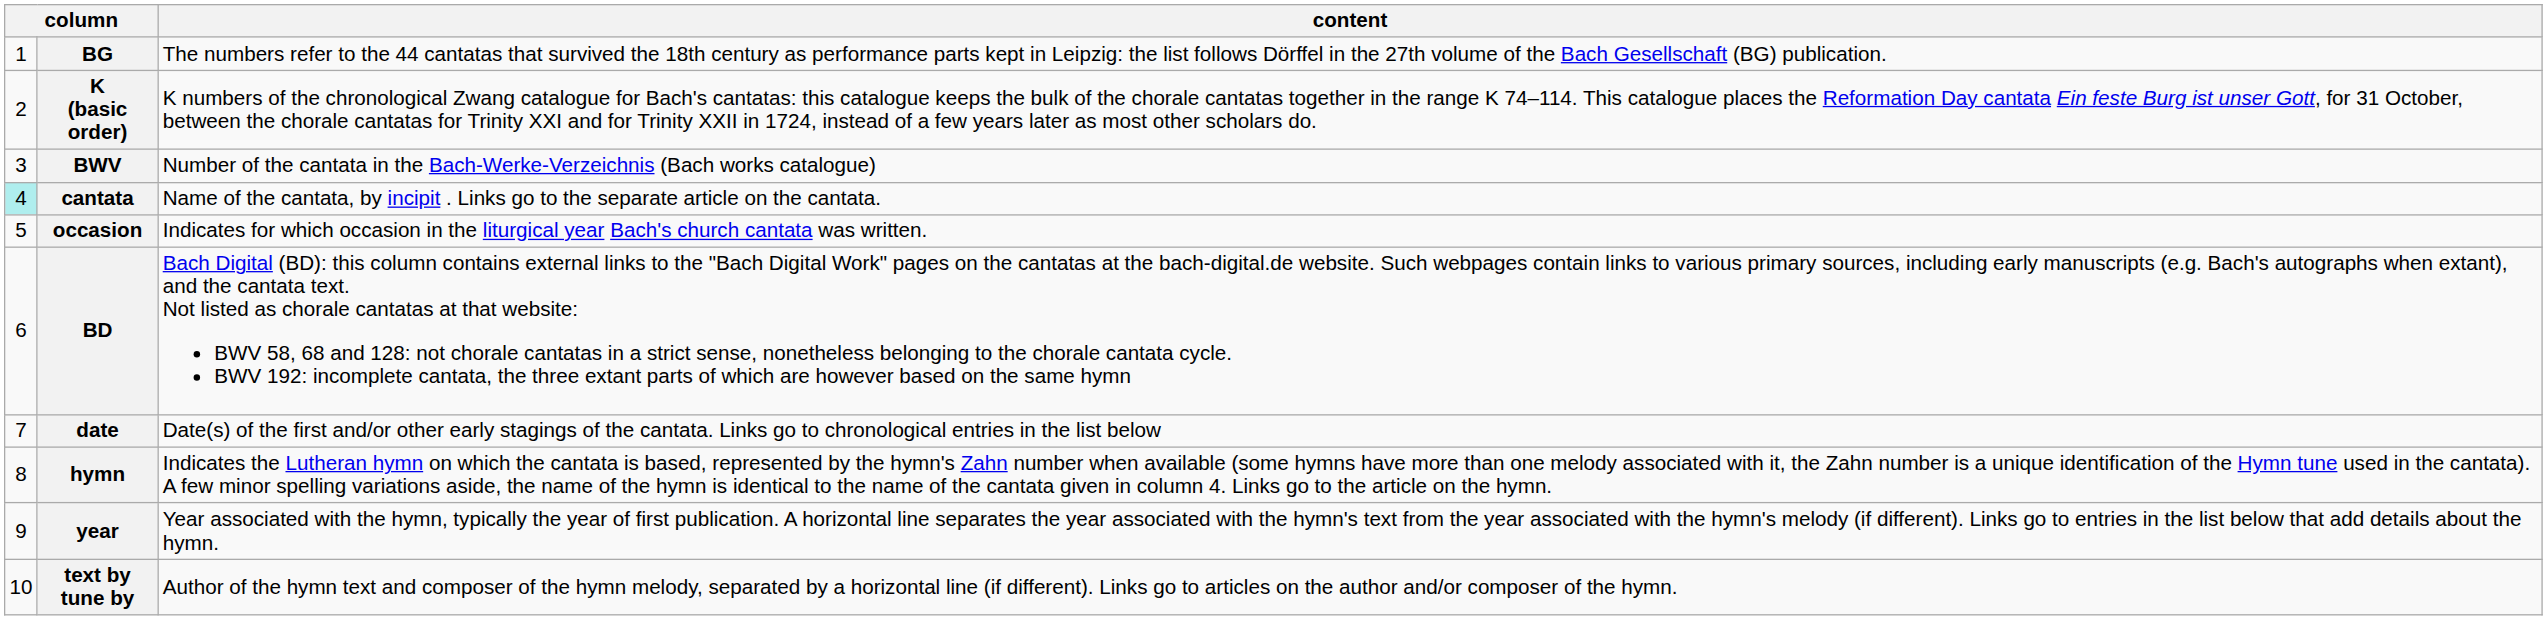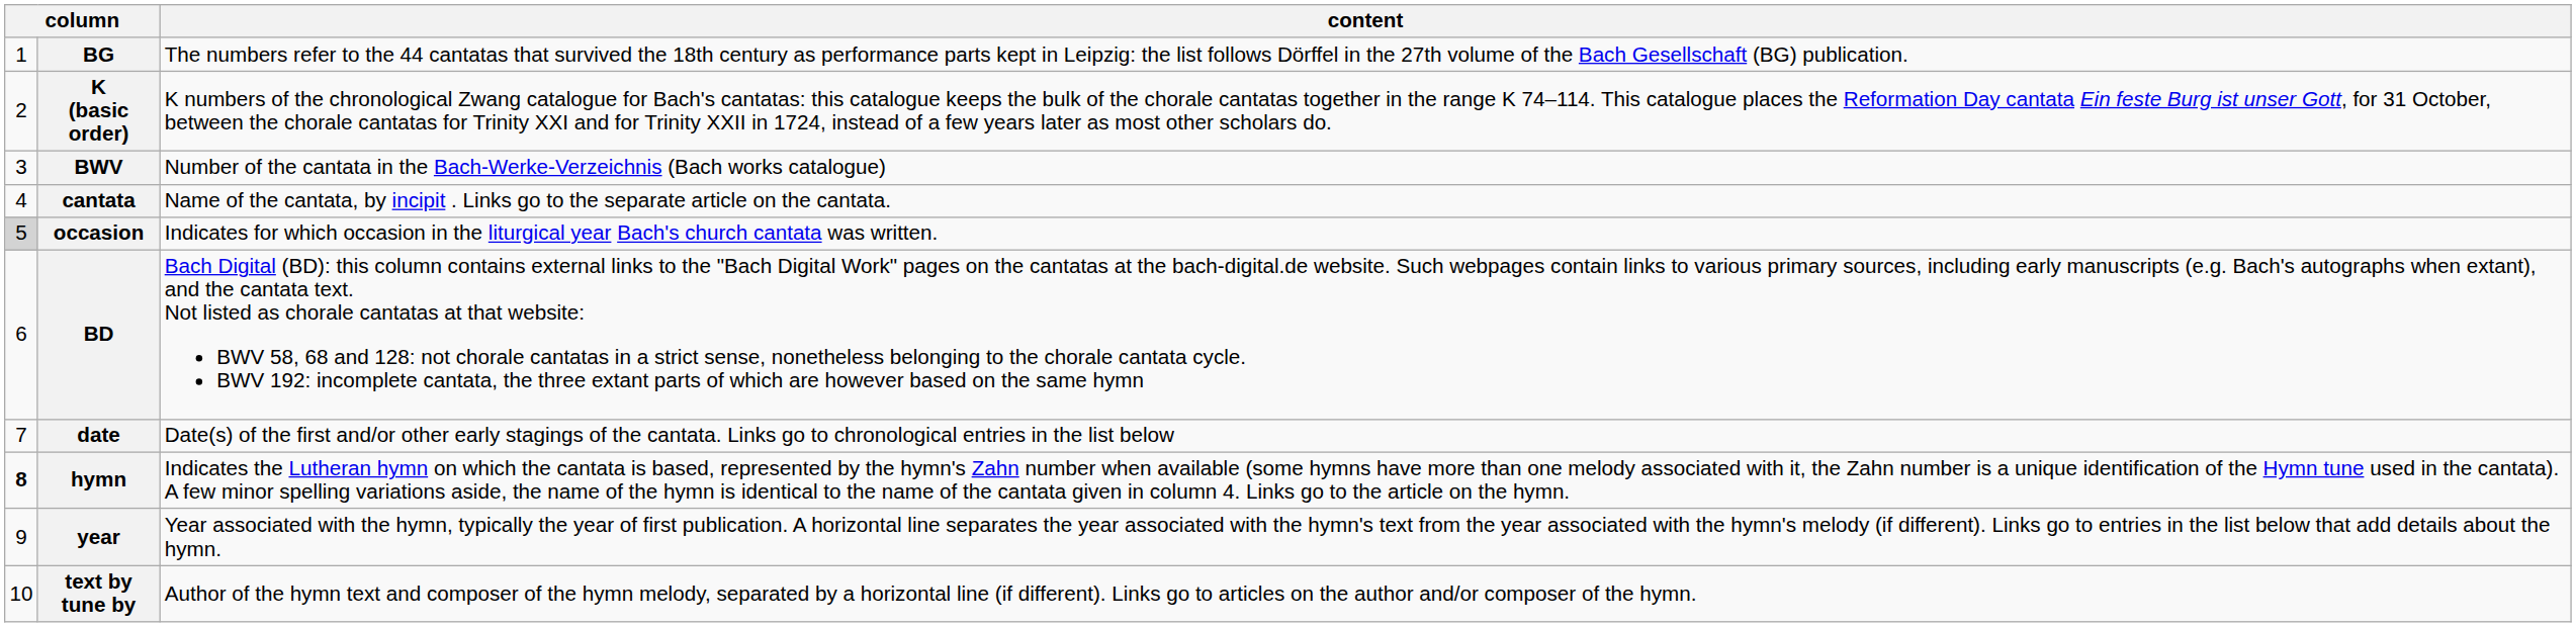 <table class="wikitable">
 <tr>
 <th colspan="2">column</th>
 <th>content</th>
 </tr>
 <tr>
 <td align="center">1</td>
 <th>BG</th>
 <td>The numbers refer to the 44 cantatas that survived the 18th century as performance parts kept in Leipzig: the list follows Dörffel in the 27th volume of the <a href='#'>Bach Gesellschaft</a> (BG) publication.</td>
 </tr>
 <tr>
 <td align="center">2</td>
 <th>K<br>(basic order)</th>
 <td>K numbers of the chronological Zwang catalogue for Bach's cantatas: this catalogue keeps the bulk of the chorale cantatas together in the range K 74–114. This catalogue places the <a href='#'>Reformation Day cantata</a> <em><a href='#'>Ein feste Burg ist unser Gott</a></em>, for 31 October, between the chorale cantatas for Trinity XXI and for Trinity XXII in 1724, instead of a few years later as most other scholars do.</td>
 </tr>
 <tr>
 <td align="center">3</td>
 <th>BWV</th>
 <td>Number of the cantata in the <a href='#'>Bach-Werke-Verzeichnis</a> (Bach works catalogue)</td>
 </tr>
 <tr>
-<td align="center" style="background: paleturquoise;">4</td>
+<td align="center">4</td>
 <th>cantata</th>
 <td>Name of the cantata, by <a href='#'>incipit</a> . Links go to the separate article on the cantata.</td>
 </tr>
 <tr>
-<td align="center">5</td>
+<td align="center" style="background: lightgrey;">5</td>
 <th>occasion</th>
 <td>Indicates for which occasion in the <a href='#'>liturgical year</a> <a href='#'>Bach's church cantata</a> was written.</td>
 </tr>
 <tr>
 <td align="center">6</td>
 <th>BD</th>
 <td><a href='#'>Bach Digital</a> (BD): this column contains external links to the "Bach Digital Work" pages on the cantatas at the bach-digital.de website. Such webpages contain links to various primary sources, including early manuscripts (e.g. Bach's autographs when extant), and the cantata text.<br>Not listed as chorale cantatas at that website:<br><ul><li>BWV 58, 68 and 128: not chorale cantatas in a strict sense, nonetheless belonging to the chorale cantata cycle.</li><li>BWV 192: incomplete cantata, the three extant parts of which are however based on the same hymn</li></ul></td>
 </tr>
 <tr>
 <td align="center">7</td>
 <th>date</th>
 <td>Date(s) of the first and/or other early stagings of the cantata. Links go to chronological entries in the list below</td>
 </tr>
 <tr>
-<td align="center">8</td>
+<td align="center"><strong>8</strong></td>
 <th>hymn</th>
 <td>Indicates the <a href='#'>Lutheran hymn</a> on which the cantata is based, represented by the hymn's <a href='#'>Zahn</a> number when available (some hymns have more than one melody associated with it, the Zahn number is a unique identification of the <a href='#'>Hymn tune</a> used in the cantata). A few minor spelling variations aside, the name of the hymn is identical to the name of the cantata given in column 4. Links go to the article on the hymn.</td>
 </tr>
 <tr>
 <td align="center">9</td>
 <th>year</th>
 <td>Year associated with the hymn, typically the year of first publication. A horizontal line separates the year associated with the hymn's text from the year associated with the hymn's melody (if different). Links go to entries in the list below that add details about the hymn.</td>
 </tr>
 <tr>
 <td align="center">10</td>
 <th>text by<br>tune by</th>
 <td>Author of the hymn text and composer of the hymn melody, separated by a horizontal line (if different). Links go to articles on the author and/or composer of the hymn.</td>
 </tr>
 </table>
